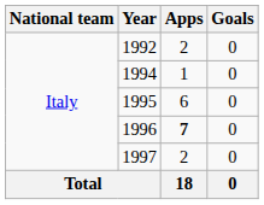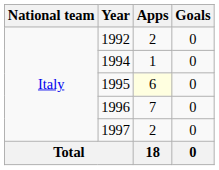 <table class="wikitable" style="text-align:center">
 <tr>
 <th>National team</th>
 <th>Year</th>
 <th>Apps</th>
 <th>Goals</th>
 </tr>
 <tr>
 <td rowspan="5"><a href='#'>Italy</a></td>
 <td>1992</td>
 <td>2</td>
 <td>0</td>
 </tr>
 <tr>
 <td>1994</td>
 <td>1</td>
 <td>0</td>
 </tr>
 <tr>
 <td>1995</td>
-<td>6</td>
+<td style="background: lightyellow;">6</td>
 <td>0</td>
 </tr>
 <tr>
 <td>1996</td>
-<td><strong>7</strong></td>
+<td>7</td>
 <td>0</td>
 </tr>
 <tr>
 <td>1997</td>
 <td>2</td>
 <td>0</td>
 </tr>
 <tr>
 <th colspan="2">Total</th>
 <th>18</th>
 <th>0</th>
 </tr>
 </table>
